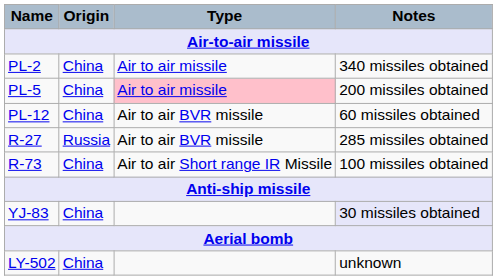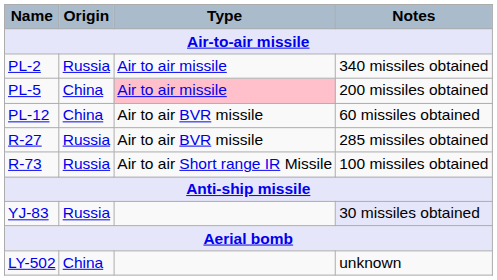 <table class="wikitable">
 <tr>
 <th style="text-align:center; background:#aabccc;">Name</th>
 <th style="text-align: center; background:#aabccc;">Origin</th>
 <th style="text-align:l center; background:#aabccc;">Type</th>
 <th style="text-align: center; background:#aabccc;">Notes</th>
 </tr>
 <tr>
 <th style="align: center; background: lavender;" colspan="5"><a href='#'>Air-to-air missile</a></th>
 </tr>
 <tr>
 <td><a href='#'>PL-2</a></td>
-<td><a href='#'>China</a></td>
+<td><a href='#'>Russia</a></td>
 <td><a href='#'>Air to air missile</a></td>
 <td>340 missiles obtained</td>
 </tr>
 <tr>
 <td><a href='#'>PL-5</a></td>
 <td><a href='#'>China</a></td>
 <td style="background: pink;"><a href='#'>Air to air missile</a></td>
 <td>200 missiles obtained</td>
 </tr>
 <tr>
 <td><a href='#'>PL-12</a></td>
 <td><a href='#'>China</a></td>
 <td>Air to air <a href='#'>BVR</a> missile</td>
 <td>60 missiles obtained</td>
 </tr>
 <tr>
 <td><a href='#'>R-27</a></td>
 <td><a href='#'>Russia</a></td>
 <td>Air to air <a href='#'>BVR</a> missile</td>
 <td>285 missiles obtained</td>
 </tr>
 <tr>
 <td><a href='#'>R-73</a></td>
-<td><a href='#'>China</a></td>
+<td><a href='#'>Russia</a></td>
 <td>Air to air <a href='#'>Short range IR</a> Missile</td>
 <td>100 missiles obtained</td>
 </tr>
 <tr>
 <th style="align: center; background: lavender;" colspan="7"><a href='#'>Anti-ship missile</a></th>
 </tr>
 <tr>
 <td><a href='#'>YJ-83</a></td>
-<td><a href='#'>China</a></td>
+<td><a href='#'>Russia</a></td>
 <td></td>
 <td style="background: lavender;">30 missiles obtained</td>
 </tr>
 <tr>
 <th style="align: center; background: lavender;" colspan="7"><a href='#'>Aerial bomb</a></th>
 </tr>
 <tr>
 <td><a href='#'>LY-502</a></td>
 <td><a href='#'>China</a></td>
 <td></td>
 <td>unknown</td>
 </tr>
 </table>
